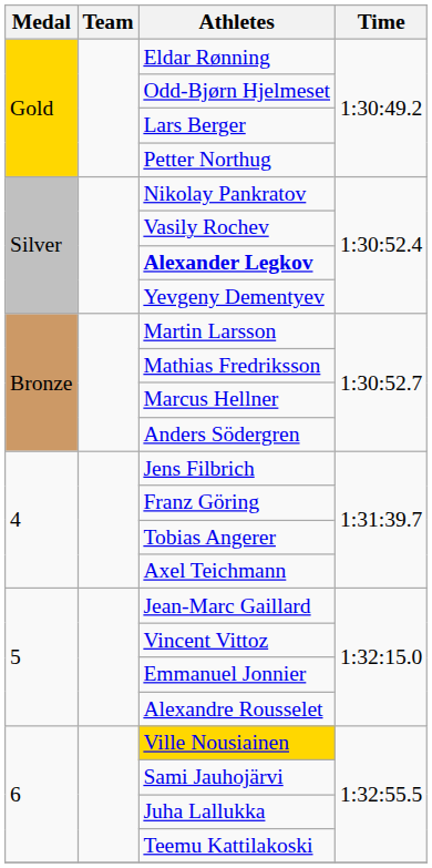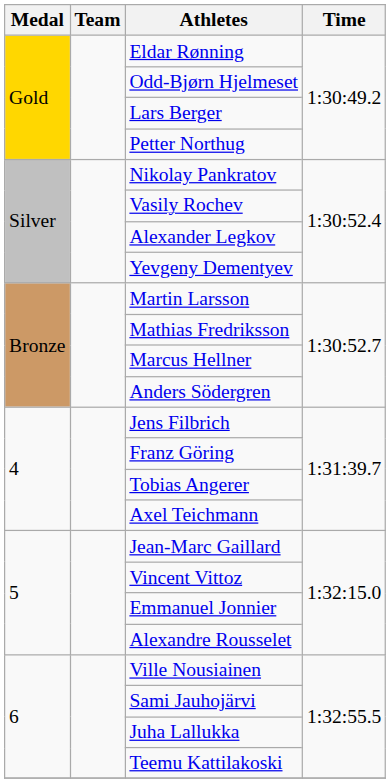 <table class="wikitable">
 <tr>
 <th align=left>Medal</th>
 <th>Team</th>
 <th>Athletes</th>
 <th align=Center>Time</th>
 </tr>
 <tr>
 <td bgcolor="gold" align=left rowspan="4">Gold</td>
 <td align=left rowspan="4"></td>
 <td align=left><a href='#'>Eldar Rønning</a></td>
 <td align=center rowspan="4">1:30:49.2</td>
 </tr>
 <tr>
 <td align=left><a href='#'>Odd-Bjørn Hjelmeset</a></td>
 </tr>
 <tr>
 <td align=left><a href='#'>Lars Berger</a></td>
 </tr>
 <tr>
 <td align=left><a href='#'>Petter Northug</a></td>
 </tr>
 <tr>
 <td bgcolor="silver" align=left rowspan="4">Silver</td>
 <td align=left rowspan="4"></td>
 <td align=left><a href='#'>Nikolay Pankratov</a></td>
 <td align=center rowspan="4">1:30:52.4</td>
 </tr>
 <tr>
 <td align=left><a href='#'>Vasily Rochev</a></td>
 </tr>
 <tr>
-<td align=left><strong><a href='#'>Alexander Legkov</a></strong></td>
+<td align=left><a href='#'>Alexander Legkov</a></td>
 </tr>
 <tr>
 <td align=left><a href='#'>Yevgeny Dementyev</a></td>
 </tr>
 <tr>
 <td bgcolor="CC9966" align=left rowspan="4">Bronze</td>
 <td align=left rowspan="4"></td>
 <td align=left><a href='#'>Martin Larsson</a></td>
 <td align=center rowspan="4">1:30:52.7</td>
 </tr>
 <tr>
 <td align=left><a href='#'>Mathias Fredriksson</a></td>
 </tr>
 <tr>
 <td align=left><a href='#'>Marcus Hellner</a></td>
 </tr>
 <tr>
 <td align=left><a href='#'>Anders Södergren</a></td>
 </tr>
 <tr>
 <td align=left rowspan="4">4</td>
 <td align=left rowspan="4"></td>
 <td align=left><a href='#'>Jens Filbrich</a></td>
 <td align=center rowspan="4">1:31:39.7</td>
 </tr>
 <tr>
 <td align=left><a href='#'>Franz Göring</a></td>
 </tr>
 <tr>
 <td align=left><a href='#'>Tobias Angerer</a></td>
 </tr>
 <tr>
 <td align=left><a href='#'>Axel Teichmann</a></td>
 </tr>
 <tr>
 <td align=left rowspan="4">5</td>
 <td align=left rowspan="4"></td>
 <td align=left><a href='#'>Jean-Marc Gaillard</a></td>
 <td align=center rowspan="4">1:32:15.0</td>
 </tr>
 <tr>
 <td align=left><a href='#'>Vincent Vittoz</a></td>
 </tr>
 <tr>
 <td align=left><a href='#'>Emmanuel Jonnier</a></td>
 </tr>
 <tr>
 <td align=left><a href='#'>Alexandre Rousselet</a></td>
 </tr>
 <tr>
 <td align=left rowspan="4">6</td>
 <td align=left rowspan="4"></td>
-<td align=left style="background: gold;"><a href='#'>Ville Nousiainen</a></td>
+<td align=left><a href='#'>Ville Nousiainen</a></td>
 <td align=center rowspan="4">1:32:55.5</td>
 </tr>
 <tr>
 <td align=left><a href='#'>Sami Jauhojärvi</a></td>
 </tr>
 <tr>
 <td align=left><a href='#'>Juha Lallukka</a></td>
 </tr>
 <tr>
 <td align=left><a href='#'>Teemu Kattilakoski</a></td>
 </tr>
 <tr>
 </tr>
 </table>
